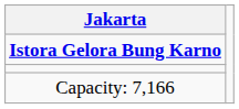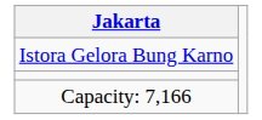 <table class="wikitable" style="margin:1em auto; text-align:center">
 <tr>
 <th><a href='#'>Jakarta</a></th>
 <td rowspan=4></td>
 </tr>
 <tr>
-<td><strong><a href='#'>Istora Gelora Bung Karno</a></strong></td>
+<td><a href='#'>Istora Gelora Bung Karno</a></td>
 </tr>
 <tr>
 <td></td>
 </tr>
 <tr>
 <td>Capacity: 7,166</td>
 </tr>
 </table>
